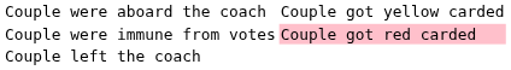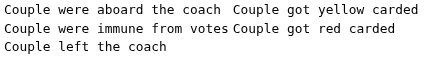 <table>
 <tr>
 <td> Couple were aboard the coach</td>
 <td> Couple got yellow carded</td>
 </tr>
 <tr>
 <td> Couple were immune from votes</td>
-<td style="background: pink;"> Couple got red carded</td>
+<td> Couple got red carded</td>
 </tr>
 <tr>
 <td> Couple left the coach</td>
 </tr>
 </table>
